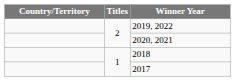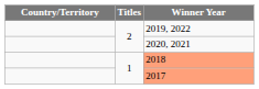 <table class="wikitable sortable" style="font-size: 94%;">
 <tr>
 <th width="160" style="background-color:#787878;color:#FFFFFF;">Country/Territory</th>
 <th width="30" style="background-color:#787878;color:#FFFFFF;">Titles</th>
 <th width="160" style="background-color:#787878;color:#FFFFFF;">Winner Year</th>
 </tr>
 <tr>
 <td></td>
 <td rowspan="2" style="text-align:center;">2</td>
 <td>2019, 2022</td>
 </tr>
 <tr>
 <td></td>
 <td>2020, 2021</td>
 </tr>
 <tr>
 <td></td>
 <td rowspan="2" style="text-align:center;">1</td>
-<td>2018</td>
+<td style="background: lightsalmon;">2018</td>
 </tr>
 <tr>
 <td></td>
-<td>2017</td>
+<td style="background: lightsalmon;">2017</td>
 </tr>
 </table>
